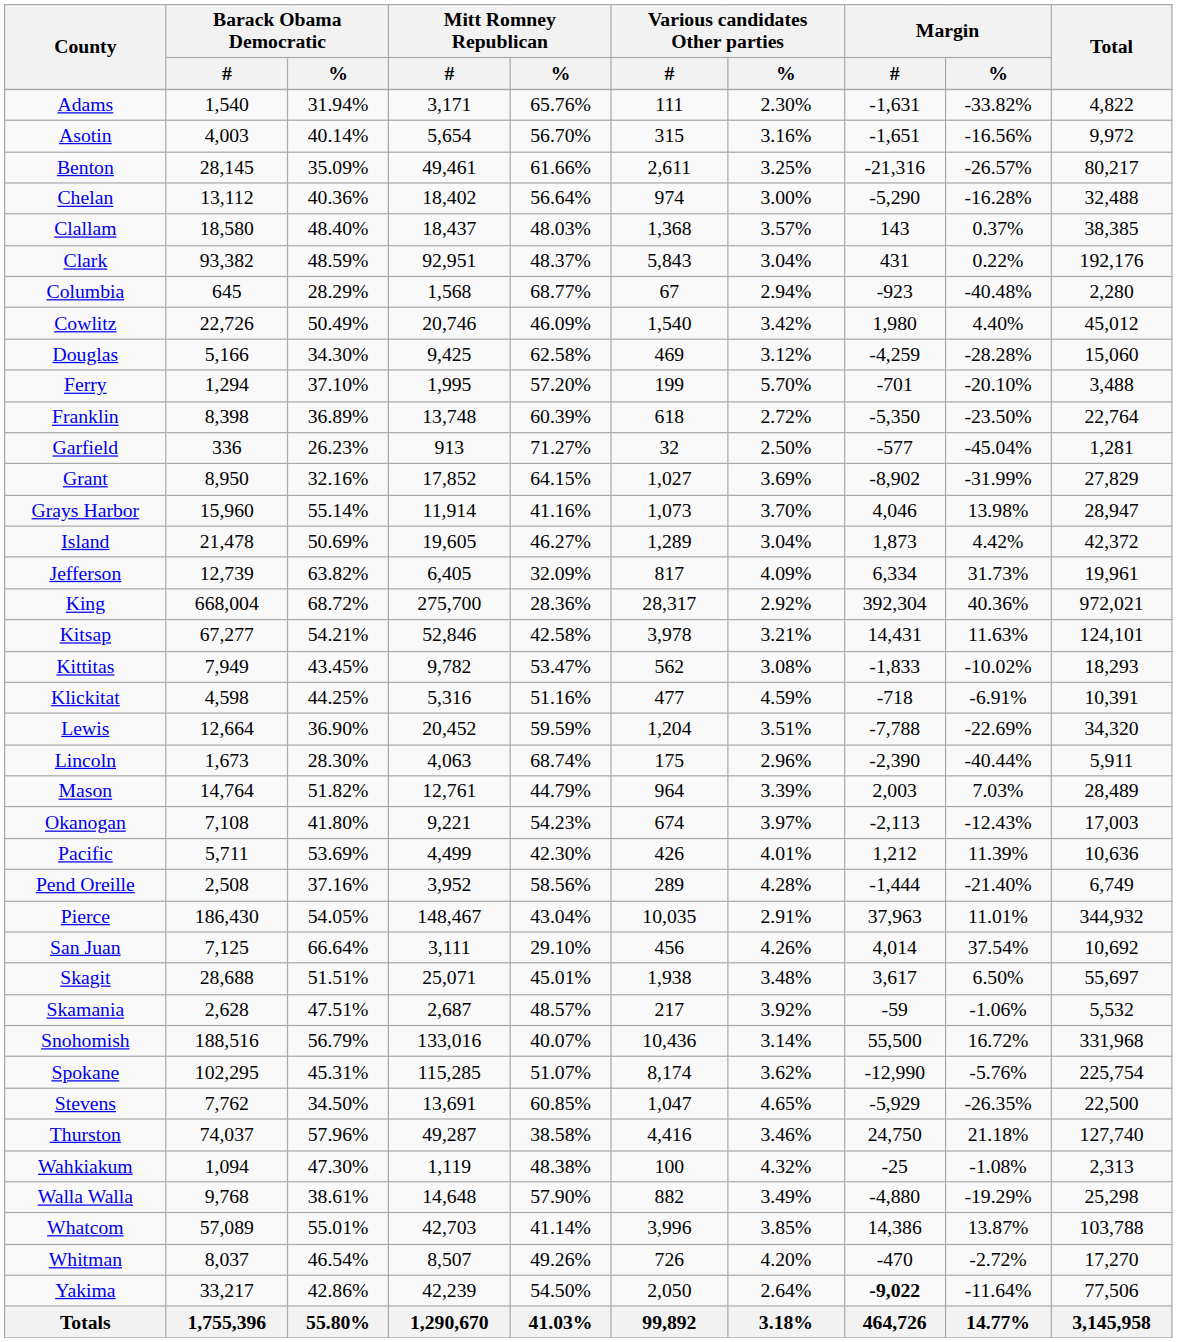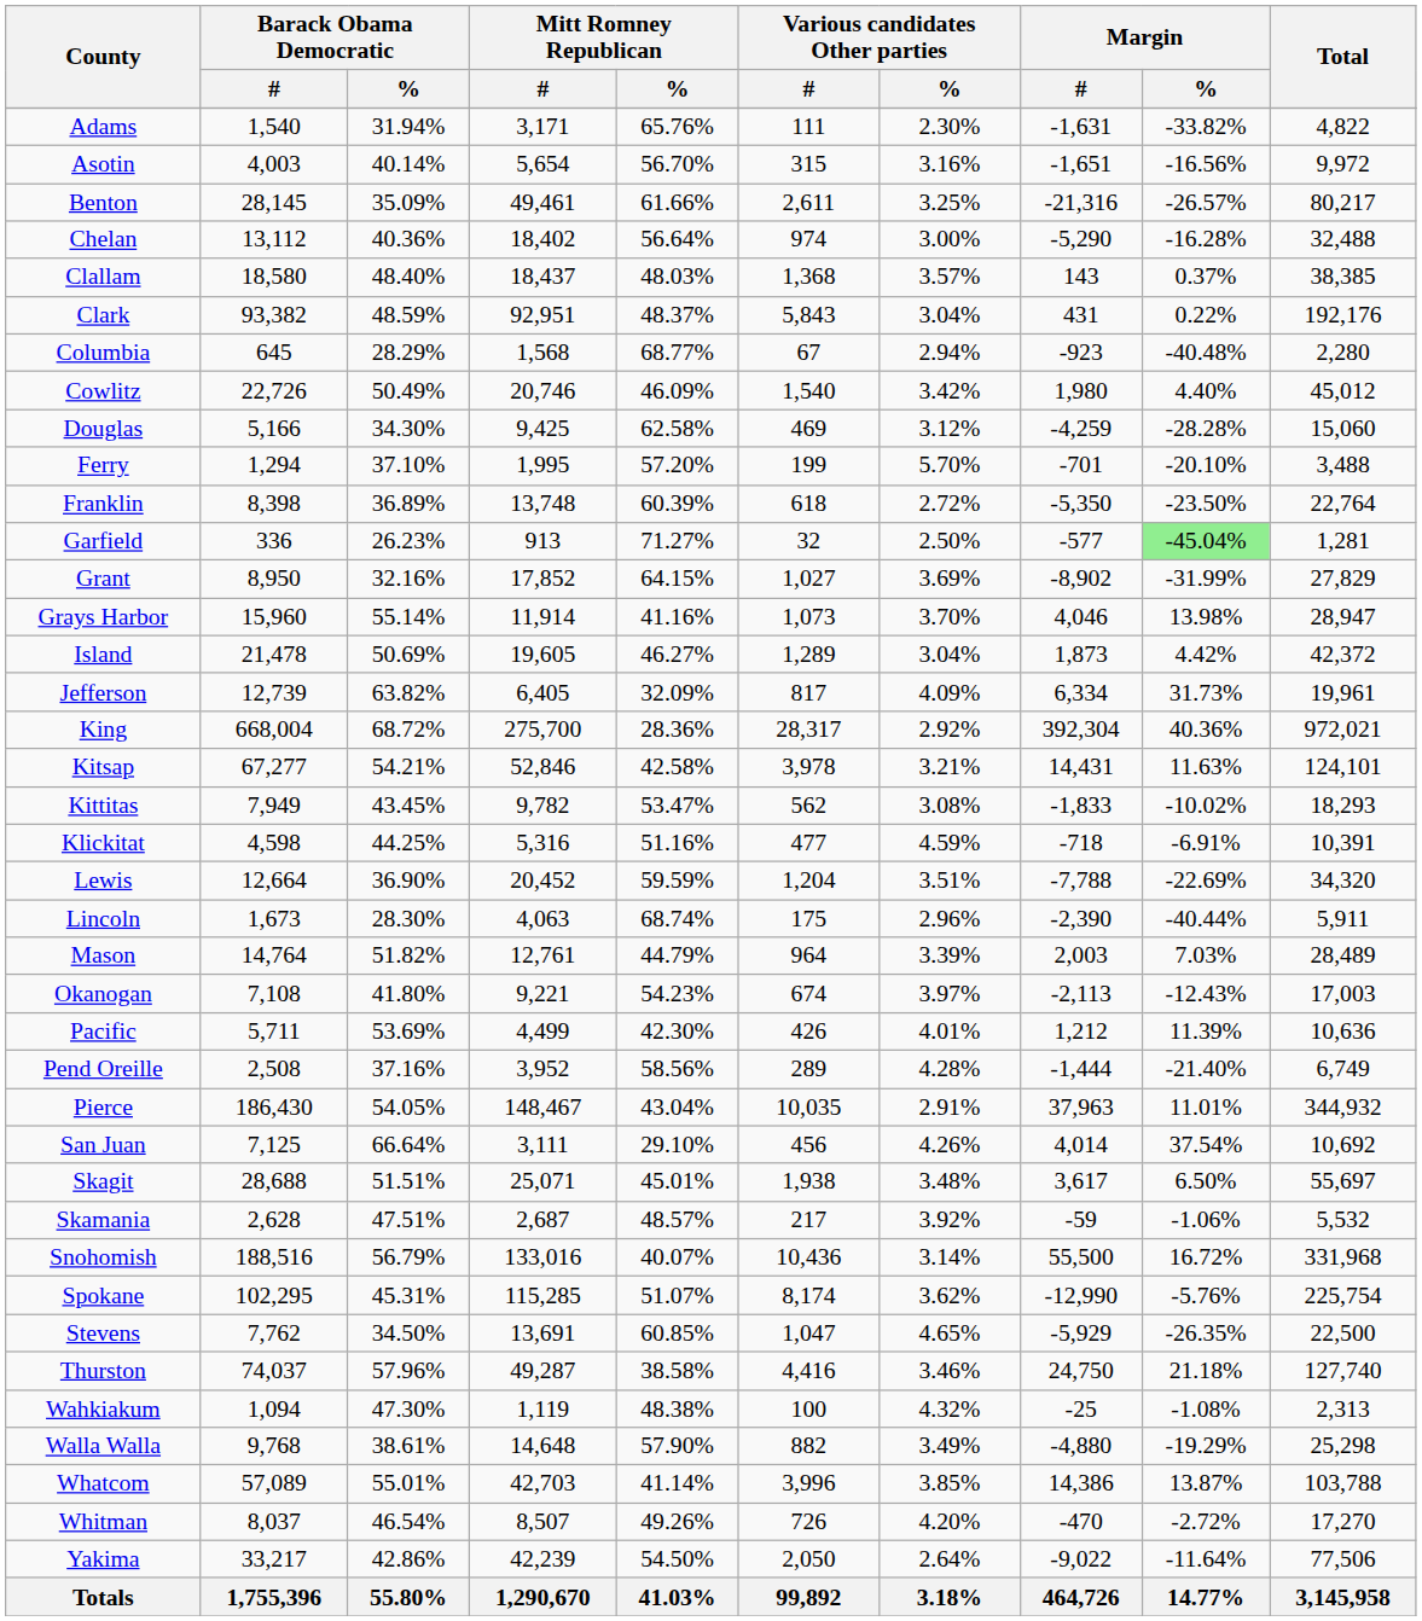 <table width="60%" class="wikitable sortable">
 <tr>
 <th rowspan="2">County</th>
 <th colspan="2">Barack Obama<br>Democratic</th>
 <th colspan="2">Mitt Romney<br>Republican</th>
 <th colspan="2">Various candidates<br>Other parties</th>
 <th colspan="2">Margin</th>
 <th rowspan="2">Total</th>
 </tr>
 <tr>
 <th style="text-align:center;" data-sort-type="number">#</th>
 <th style="text-align:center;" data-sort-type="number">%</th>
 <th style="text-align:center;" data-sort-type="number">#</th>
 <th style="text-align:center;" data-sort-type="number">%</th>
 <th style="text-align:center;" data-sort-type="number">#</th>
 <th style="text-align:center;" data-sort-type="number">%</th>
 <th style="text-align:center;" data-sort-type="number">#</th>
 <th style="text-align:center;" data-sort-type="number">%</th>
 </tr>
 <tr>
 </tr>
 <tr style="text-align:center;">
 <td><a href='#'>Adams</a></td>
 <td>1,540</td>
 <td>31.94%</td>
 <td>3,171</td>
 <td>65.76%</td>
 <td>111</td>
 <td>2.30%</td>
 <td>-1,631</td>
 <td>-33.82%</td>
 <td>4,822</td>
 </tr>
 <tr style="text-align:center;">
 <td><a href='#'>Asotin</a></td>
 <td>4,003</td>
 <td>40.14%</td>
 <td>5,654</td>
 <td>56.70%</td>
 <td>315</td>
 <td>3.16%</td>
 <td>-1,651</td>
 <td>-16.56%</td>
 <td>9,972</td>
 </tr>
 <tr style="text-align:center;">
 <td><a href='#'>Benton</a></td>
 <td>28,145</td>
 <td>35.09%</td>
 <td>49,461</td>
 <td>61.66%</td>
 <td>2,611</td>
 <td>3.25%</td>
 <td>-21,316</td>
 <td>-26.57%</td>
 <td>80,217</td>
 </tr>
 <tr style="text-align:center;">
 <td><a href='#'>Chelan</a></td>
 <td>13,112</td>
 <td>40.36%</td>
 <td>18,402</td>
 <td>56.64%</td>
 <td>974</td>
 <td>3.00%</td>
 <td>-5,290</td>
 <td>-16.28%</td>
 <td>32,488</td>
 </tr>
 <tr style="text-align:center;">
 <td><a href='#'>Clallam</a></td>
 <td>18,580</td>
 <td>48.40%</td>
 <td>18,437</td>
 <td>48.03%</td>
 <td>1,368</td>
 <td>3.57%</td>
 <td>143</td>
 <td>0.37%</td>
 <td>38,385</td>
 </tr>
 <tr style="text-align:center;">
 <td><a href='#'>Clark</a></td>
 <td>93,382</td>
 <td>48.59%</td>
 <td>92,951</td>
 <td>48.37%</td>
 <td>5,843</td>
 <td>3.04%</td>
 <td>431</td>
 <td>0.22%</td>
 <td>192,176</td>
 </tr>
 <tr style="text-align:center;">
 <td><a href='#'>Columbia</a></td>
 <td>645</td>
 <td>28.29%</td>
 <td>1,568</td>
 <td>68.77%</td>
 <td>67</td>
 <td>2.94%</td>
 <td>-923</td>
 <td>-40.48%</td>
 <td>2,280</td>
 </tr>
 <tr style="text-align:center;">
 <td><a href='#'>Cowlitz</a></td>
 <td>22,726</td>
 <td>50.49%</td>
 <td>20,746</td>
 <td>46.09%</td>
 <td>1,540</td>
 <td>3.42%</td>
 <td>1,980</td>
 <td>4.40%</td>
 <td>45,012</td>
 </tr>
 <tr style="text-align:center;">
 <td><a href='#'>Douglas</a></td>
 <td>5,166</td>
 <td>34.30%</td>
 <td>9,425</td>
 <td>62.58%</td>
 <td>469</td>
 <td>3.12%</td>
 <td>-4,259</td>
 <td>-28.28%</td>
 <td>15,060</td>
 </tr>
 <tr style="text-align:center;">
 <td><a href='#'>Ferry</a></td>
 <td>1,294</td>
 <td>37.10%</td>
 <td>1,995</td>
 <td>57.20%</td>
 <td>199</td>
 <td>5.70%</td>
 <td>-701</td>
 <td>-20.10%</td>
 <td>3,488</td>
 </tr>
 <tr style="text-align:center;">
 <td><a href='#'>Franklin</a></td>
 <td>8,398</td>
 <td>36.89%</td>
 <td>13,748</td>
 <td>60.39%</td>
 <td>618</td>
 <td>2.72%</td>
 <td>-5,350</td>
 <td>-23.50%</td>
 <td>22,764</td>
 </tr>
 <tr style="text-align:center;">
 <td><a href='#'>Garfield</a></td>
 <td>336</td>
 <td>26.23%</td>
 <td>913</td>
 <td>71.27%</td>
 <td>32</td>
 <td>2.50%</td>
 <td>-577</td>
-<td>-45.04%</td>
+<td style="background: lightgreen;">-45.04%</td>
 <td>1,281</td>
 </tr>
 <tr style="text-align:center;">
 <td><a href='#'>Grant</a></td>
 <td>8,950</td>
 <td>32.16%</td>
 <td>17,852</td>
 <td>64.15%</td>
 <td>1,027</td>
 <td>3.69%</td>
 <td>-8,902</td>
 <td>-31.99%</td>
 <td>27,829</td>
 </tr>
 <tr style="text-align:center;">
 <td><a href='#'>Grays Harbor</a></td>
 <td>15,960</td>
 <td>55.14%</td>
 <td>11,914</td>
 <td>41.16%</td>
 <td>1,073</td>
 <td>3.70%</td>
 <td>4,046</td>
 <td>13.98%</td>
 <td>28,947</td>
 </tr>
 <tr style="text-align:center;">
 <td><a href='#'>Island</a></td>
 <td>21,478</td>
 <td>50.69%</td>
 <td>19,605</td>
 <td>46.27%</td>
 <td>1,289</td>
 <td>3.04%</td>
 <td>1,873</td>
 <td>4.42%</td>
 <td>42,372</td>
 </tr>
 <tr style="text-align:center;">
 <td><a href='#'>Jefferson</a></td>
 <td>12,739</td>
 <td>63.82%</td>
 <td>6,405</td>
 <td>32.09%</td>
 <td>817</td>
 <td>4.09%</td>
 <td>6,334</td>
 <td>31.73%</td>
 <td>19,961</td>
 </tr>
 <tr style="text-align:center;">
 <td><a href='#'>King</a></td>
 <td>668,004</td>
 <td>68.72%</td>
 <td>275,700</td>
 <td>28.36%</td>
 <td>28,317</td>
 <td>2.92%</td>
 <td>392,304</td>
 <td>40.36%</td>
 <td>972,021</td>
 </tr>
 <tr style="text-align:center;">
 <td><a href='#'>Kitsap</a></td>
 <td>67,277</td>
 <td>54.21%</td>
 <td>52,846</td>
 <td>42.58%</td>
 <td>3,978</td>
 <td>3.21%</td>
 <td>14,431</td>
 <td>11.63%</td>
 <td>124,101</td>
 </tr>
 <tr style="text-align:center;">
 <td><a href='#'>Kittitas</a></td>
 <td>7,949</td>
 <td>43.45%</td>
 <td>9,782</td>
 <td>53.47%</td>
 <td>562</td>
 <td>3.08%</td>
 <td>-1,833</td>
 <td>-10.02%</td>
 <td>18,293</td>
 </tr>
 <tr style="text-align:center;">
 <td><a href='#'>Klickitat</a></td>
 <td>4,598</td>
 <td>44.25%</td>
 <td>5,316</td>
 <td>51.16%</td>
 <td>477</td>
 <td>4.59%</td>
 <td>-718</td>
 <td>-6.91%</td>
 <td>10,391</td>
 </tr>
 <tr style="text-align:center;">
 <td><a href='#'>Lewis</a></td>
 <td>12,664</td>
 <td>36.90%</td>
 <td>20,452</td>
 <td>59.59%</td>
 <td>1,204</td>
 <td>3.51%</td>
 <td>-7,788</td>
 <td>-22.69%</td>
 <td>34,320</td>
 </tr>
 <tr style="text-align:center;">
 <td><a href='#'>Lincoln</a></td>
 <td>1,673</td>
 <td>28.30%</td>
 <td>4,063</td>
 <td>68.74%</td>
 <td>175</td>
 <td>2.96%</td>
 <td>-2,390</td>
 <td>-40.44%</td>
 <td>5,911</td>
 </tr>
 <tr style="text-align:center;">
 <td><a href='#'>Mason</a></td>
 <td>14,764</td>
 <td>51.82%</td>
 <td>12,761</td>
 <td>44.79%</td>
 <td>964</td>
 <td>3.39%</td>
 <td>2,003</td>
 <td>7.03%</td>
 <td>28,489</td>
 </tr>
 <tr style="text-align:center;">
 <td><a href='#'>Okanogan</a></td>
 <td>7,108</td>
 <td>41.80%</td>
 <td>9,221</td>
 <td>54.23%</td>
 <td>674</td>
 <td>3.97%</td>
 <td>-2,113</td>
 <td>-12.43%</td>
 <td>17,003</td>
 </tr>
 <tr style="text-align:center;">
 <td><a href='#'>Pacific</a></td>
 <td>5,711</td>
 <td>53.69%</td>
 <td>4,499</td>
 <td>42.30%</td>
 <td>426</td>
 <td>4.01%</td>
 <td>1,212</td>
 <td>11.39%</td>
 <td>10,636</td>
 </tr>
 <tr style="text-align:center;">
 <td><a href='#'>Pend Oreille</a></td>
 <td>2,508</td>
 <td>37.16%</td>
 <td>3,952</td>
 <td>58.56%</td>
 <td>289</td>
 <td>4.28%</td>
 <td>-1,444</td>
 <td>-21.40%</td>
 <td>6,749</td>
 </tr>
 <tr style="text-align:center;">
 <td><a href='#'>Pierce</a></td>
 <td>186,430</td>
 <td>54.05%</td>
 <td>148,467</td>
 <td>43.04%</td>
 <td>10,035</td>
 <td>2.91%</td>
 <td>37,963</td>
 <td>11.01%</td>
 <td>344,932</td>
 </tr>
 <tr style="text-align:center;">
 <td><a href='#'>San Juan</a></td>
 <td>7,125</td>
 <td>66.64%</td>
 <td>3,111</td>
 <td>29.10%</td>
 <td>456</td>
 <td>4.26%</td>
 <td>4,014</td>
 <td>37.54%</td>
 <td>10,692</td>
 </tr>
 <tr style="text-align:center;">
 <td><a href='#'>Skagit</a></td>
 <td>28,688</td>
 <td>51.51%</td>
 <td>25,071</td>
 <td>45.01%</td>
 <td>1,938</td>
 <td>3.48%</td>
 <td>3,617</td>
 <td>6.50%</td>
 <td>55,697</td>
 </tr>
 <tr style="text-align:center;">
 <td><a href='#'>Skamania</a></td>
 <td>2,628</td>
 <td>47.51%</td>
 <td>2,687</td>
 <td>48.57%</td>
 <td>217</td>
 <td>3.92%</td>
 <td>-59</td>
 <td>-1.06%</td>
 <td>5,532</td>
 </tr>
 <tr style="text-align:center;">
 <td><a href='#'>Snohomish</a></td>
 <td>188,516</td>
 <td>56.79%</td>
 <td>133,016</td>
 <td>40.07%</td>
 <td>10,436</td>
 <td>3.14%</td>
 <td>55,500</td>
 <td>16.72%</td>
 <td>331,968</td>
 </tr>
 <tr style="text-align:center;">
 <td><a href='#'>Spokane</a></td>
 <td>102,295</td>
 <td>45.31%</td>
 <td>115,285</td>
 <td>51.07%</td>
 <td>8,174</td>
 <td>3.62%</td>
 <td>-12,990</td>
 <td>-5.76%</td>
 <td>225,754</td>
 </tr>
 <tr style="text-align:center;">
 <td><a href='#'>Stevens</a></td>
 <td>7,762</td>
 <td>34.50%</td>
 <td>13,691</td>
 <td>60.85%</td>
 <td>1,047</td>
 <td>4.65%</td>
 <td>-5,929</td>
 <td>-26.35%</td>
 <td>22,500</td>
 </tr>
 <tr style="text-align:center;">
 <td><a href='#'>Thurston</a></td>
 <td>74,037</td>
 <td>57.96%</td>
 <td>49,287</td>
 <td>38.58%</td>
 <td>4,416</td>
 <td>3.46%</td>
 <td>24,750</td>
 <td>21.18%</td>
 <td>127,740</td>
 </tr>
 <tr style="text-align:center;">
 <td><a href='#'>Wahkiakum</a></td>
 <td>1,094</td>
 <td>47.30%</td>
 <td>1,119</td>
 <td>48.38%</td>
 <td>100</td>
 <td>4.32%</td>
 <td>-25</td>
 <td>-1.08%</td>
 <td>2,313</td>
 </tr>
 <tr style="text-align:center;">
 <td><a href='#'>Walla Walla</a></td>
 <td>9,768</td>
 <td>38.61%</td>
 <td>14,648</td>
 <td>57.90%</td>
 <td>882</td>
 <td>3.49%</td>
 <td>-4,880</td>
 <td>-19.29%</td>
 <td>25,298</td>
 </tr>
 <tr style="text-align:center;">
 <td><a href='#'>Whatcom</a></td>
 <td>57,089</td>
 <td>55.01%</td>
 <td>42,703</td>
 <td>41.14%</td>
 <td>3,996</td>
 <td>3.85%</td>
 <td>14,386</td>
 <td>13.87%</td>
 <td>103,788</td>
 </tr>
 <tr style="text-align:center;">
 <td><a href='#'>Whitman</a></td>
 <td>8,037</td>
 <td>46.54%</td>
 <td>8,507</td>
 <td>49.26%</td>
 <td>726</td>
 <td>4.20%</td>
 <td>-470</td>
 <td>-2.72%</td>
 <td>17,270</td>
 </tr>
 <tr style="text-align:center;">
 <td><a href='#'>Yakima</a></td>
 <td>33,217</td>
 <td>42.86%</td>
 <td>42,239</td>
 <td>54.50%</td>
 <td>2,050</td>
 <td>2.64%</td>
-<td><strong>-9,022</strong></td>
+<td>-9,022</td>
 <td>-11.64%</td>
 <td>77,506</td>
 </tr>
 <tr>
 <th>Totals</th>
 <th>1,755,396</th>
 <th>55.80%</th>
 <th>1,290,670</th>
 <th>41.03%</th>
 <th>99,892</th>
 <th>3.18%</th>
 <th>464,726</th>
 <th>14.77%</th>
 <th>3,145,958</th>
 </tr>
 </table>
